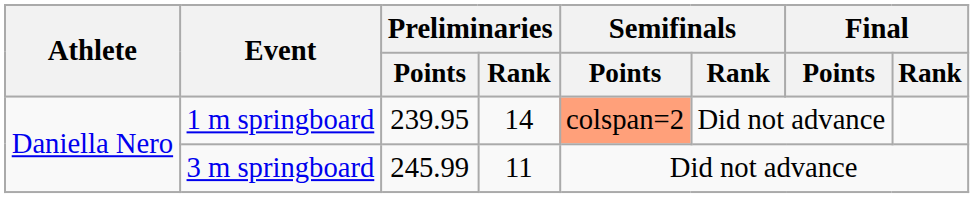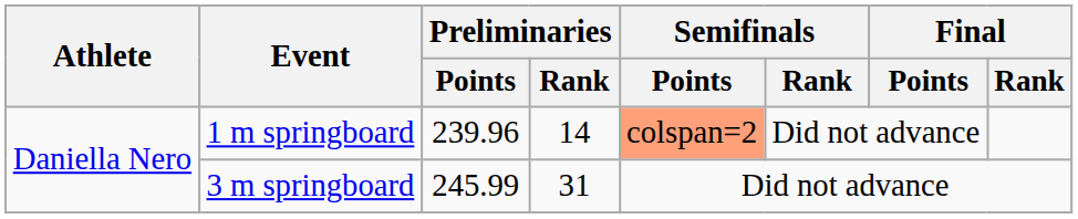 <table class="wikitable" style="font-size:90%;">
 <tr>
 <th rowspan="2">Athlete</th>
 <th rowspan="2">Event</th>
 <th colspan="2">Preliminaries</th>
 <th colspan="2">Semifinals</th>
 <th colspan="2">Final</th>
 </tr>
 <tr style="font-size:95%">
 <th>Points</th>
 <th>Rank</th>
 <th>Points</th>
 <th>Rank</th>
 <th>Points</th>
 <th>Rank</th>
 </tr>
 <tr align=center>
 <td align=left rowspan=2><a href='#'>Daniella Nero</a></td>
 <td align=left><a href='#'>1 m springboard</a></td>
-<td>239.95</td>
+<td>239.96</td>
 <td>14</td>
 <td style="background: lightsalmon;">colspan=2 </td>
 <td colspan=2>Did not advance</td>
 </tr>
 <tr align=center>
 <td align=left><a href='#'>3 m springboard</a></td>
 <td>245.99</td>
-<td>11</td>
+<td>31</td>
 <td colspan=4>Did not advance</td>
 </tr>
 </table>
